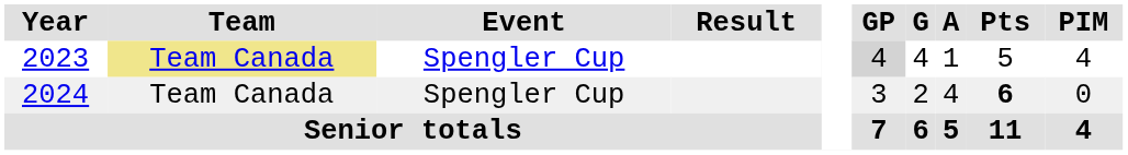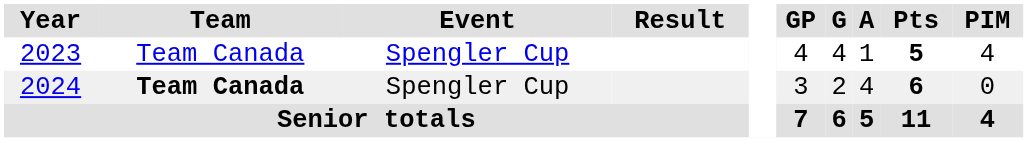 <table border="0" cellpadding="1" cellspacing="0" style="text-align:center; width:40em">
 <tr ALIGN="center" bgcolor="#e0e0e0">
 <th>Year</th>
 <th>Team</th>
 <th>Event</th>
 <th>Result</th>
 <th rowspan="99" bgcolor="#ffffff"> </th>
 <th>GP</th>
 <th>G</th>
 <th>A</th>
 <th>Pts</th>
 <th>PIM</th>
 </tr>
 <tr>
 <td><a href='#'>2023</a></td>
-<td style="background: khaki;"><a href='#'>Team Canada</a></td>
+<td><a href='#'>Team Canada</a></td>
 <td><a href='#'>Spengler Cup</a></td>
 <td></td>
-<td style="background: lightgrey;">4</td>
+<td>4</td>
 <td>4</td>
 <td>1</td>
-<td>5</td>
+<td><strong>5</strong></td>
 <td>4</td>
 </tr>
 <tr bgcolor="#f0f0f0">
 <td><a href='#'>2024</a></td>
-<td>Team Canada</td>
+<td><strong>Team Canada</strong></td>
 <td>Spengler Cup</td>
 <td></td>
 <td>3</td>
 <td>2</td>
 <td>4</td>
 <td><strong>6</strong></td>
 <td>0</td>
 </tr>
 <tr bgcolor="#e0e0e0">
 <th colspan=4>Senior totals</th>
 <th>7</th>
 <th>6</th>
 <th>5</th>
 <th>11</th>
 <th>4</th>
 </tr>
 </table>
